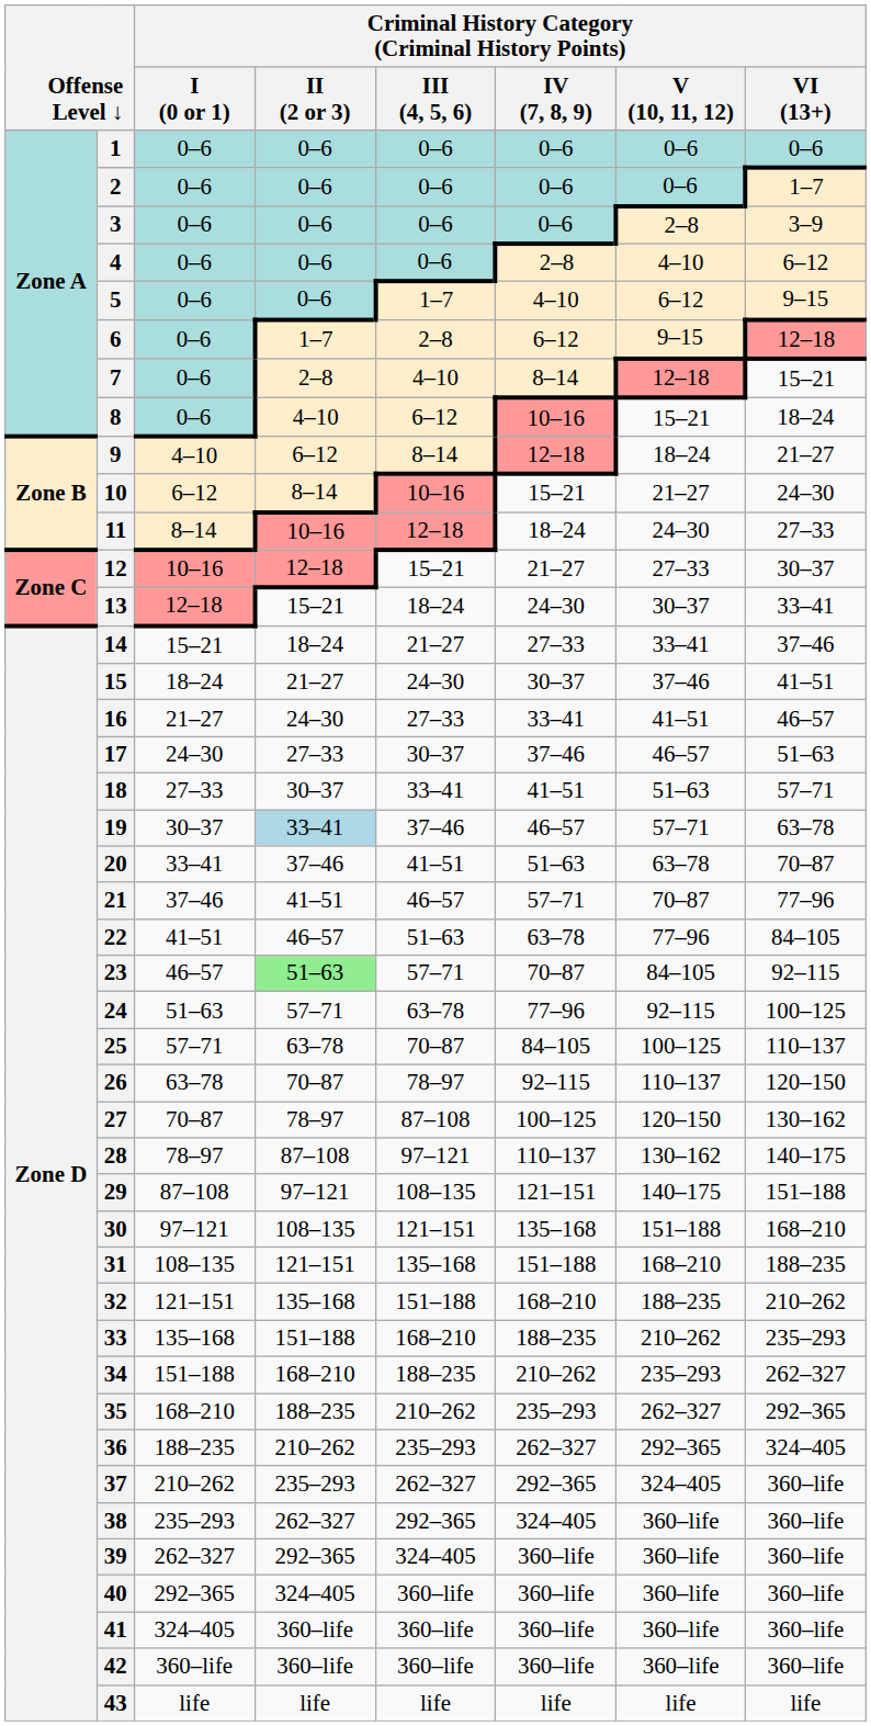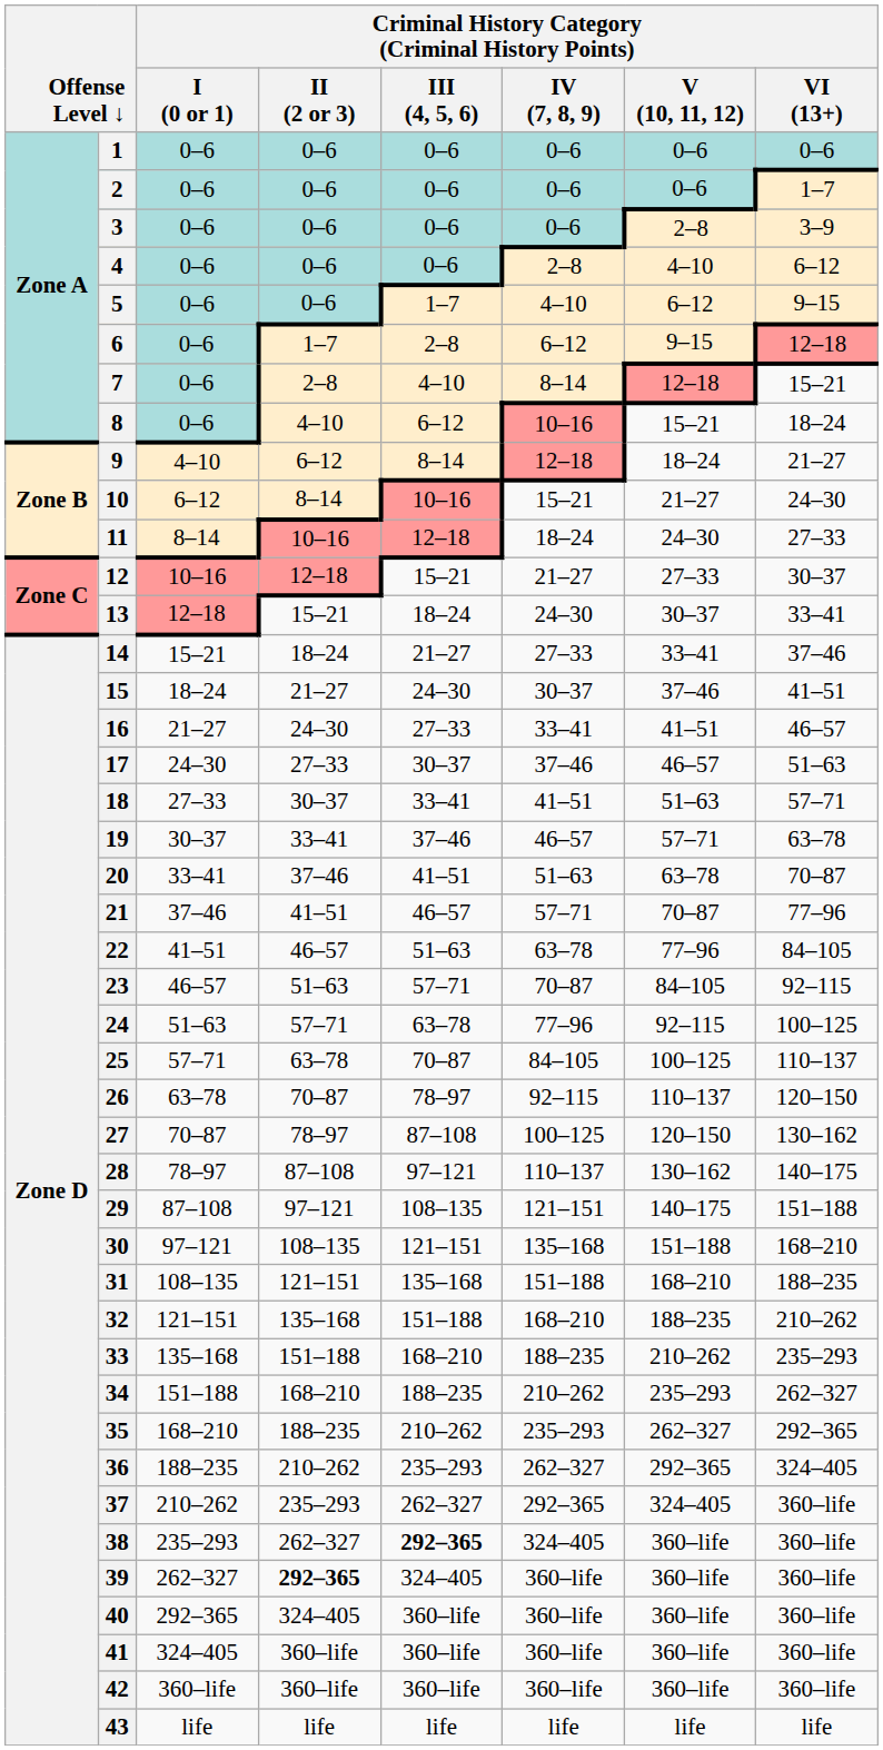 <table class="wikitable" style="text-align:center; width:600px;">
 <tr>
 <th rowspan="2" colspan="2" style="vertical-align:bottom;width:15%;text-align:right;">Offense  Level ↓ </th>
 <th colspan="6" style="text-align:center; ???: width=500px;">Criminal History Category<br>(Criminal History Points)</th>
 </tr>
 <tr>
 <th>I<br>(0 or 1)</th>
 <th>II<br>(2 or 3)</th>
 <th>III<br>(4, 5, 6)</th>
 <th>IV<br>(7, 8, 9)</th>
 <th style="width:15%;">V<br>(10, 11, 12)</th>
 <th>VI<br>(13+)</th>
 </tr>
 <tr style="background:#AADDDD;">
 <th rowspan="8" style="background:#AADDDD;">Zone A</th>
 <th>1</th>
 <td>0–6</td>
 <td>0–6</td>
 <td>0–6</td>
 <td>0–6</td>
 <td>0–6</td>
 <td>0–6</td>
 </tr>
 <tr style="background:#AADDDD;">
 <th>2</th>
 <td>0–6</td>
 <td>0–6</td>
 <td>0–6</td>
 <td>0–6</td>
 <td>0–6</td>
 <td style="background:#FEC;border-top:3px solid #000; border-left:3px solid #000;">1–7</td>
 </tr>
 <tr style="background:#AADDDD;">
 <th>3</th>
 <td>0–6</td>
 <td>0–6</td>
 <td>0–6</td>
 <td>0–6</td>
 <td style="background:#FEC;border-top:3px solid #000; border-left:3px solid #000;">2–8</td>
 <td style="background:#FEC;">3–9</td>
 </tr>
 <tr style="background:#FFEECC;">
 <th>4</th>
 <td style="background:#ADD;">0–6</td>
 <td style="background:#ADD;">0–6</td>
 <td style="background:#ADD;">0–6</td>
 <td style="border-top:3px solid #000; border-left:3px solid #000;">2–8</td>
 <td>4–10</td>
 <td>6–12</td>
 </tr>
 <tr style="background:#FFEECC;">
 <th>5</th>
 <td style="background:#ADD;">0–6</td>
 <td style="background:#ADD;">0–6</td>
 <td style="border-top:3px solid #000;border-left:3px solid #000;">1–7</td>
 <td>4–10</td>
 <td>6–12</td>
 <td>9–15</td>
 </tr>
 <tr style="background:#FFEECC;">
 <th>6</th>
 <td style="background:#ADD;">0–6</td>
 <td style="border-top:3px solid #000;border-left:3px solid #000;">1–7</td>
 <td>2–8</td>
 <td>6–12</td>
 <td>9–15</td>
 <td style="background:#F99;border-top:3px solid #000;border-left:3px solid #000;border-bottom:3px solid #000;">12–18</td>
 </tr>
 <tr>
 <th>7</th>
 <td style="background:#ADD;">0–6</td>
 <td style="background:#FEC;border-left:3px solid #000;">2–8</td>
 <td style="background:#FEC;">4–10</td>
 <td style="background:#FEC;">8–14</td>
 <td style="background:#F99;border:3px solid #000;">12–18</td>
 <td>15–21</td>
 </tr>
 <tr>
 <th>8</th>
 <td style="background:#ADD;border-bottom:3px solid #000;border-right:3px solid #000;">0–6</td>
 <td style="background:#FEC;">4–10</td>
 <td style="background:#FEC;">6–12</td>
 <td style="background:#F99;border-top:3px solid #000;border-left:3px solid #000;border-right:3px solid #000;">10–16</td>
 <td>15–21</td>
 <td>18–24</td>
 </tr>
 <tr>
 <th rowspan="3" style="background:#FFEECC;border-top:3px solid #000000;">Zone B</th>
 <th>9</th>
 <td style="background:#FEC;">4–10</td>
 <td style="background:#FEC;">6–12</td>
 <td style="background:#FEC;">8–14</td>
 <td style="background:#F99;border-left:3px solid #000;border-right:3px solid #000;border-bottom:3px solid #000;">12–18</td>
 <td>18–24</td>
 <td>21–27</td>
 </tr>
 <tr>
 <th>10</th>
 <td style="background:#FEC;">6–12</td>
 <td style="background:#FEC;">8–14</td>
 <td style="background:#F99;border-top:3px solid #000;border-left:3px solid #000;border-right:3px solid #000;">10–16</td>
 <td>15–21</td>
 <td>21–27</td>
 <td>24–30</td>
 </tr>
 <tr>
 <th>11</th>
 <td style="background:#FEC;">8–14</td>
 <td style="background:#F99;border-top:3px solid #000;border-left:3px solid #000;">10–16</td>
 <td style="background:#F99;border-bottom:3px solid #000;border-right:3px solid #000;">12–18</td>
 <td>18–24</td>
 <td>24–30</td>
 <td>27–33</td>
 </tr>
 <tr>
 <th rowspan="2" style="background:#FF9999;border-top:3px solid #000000;border-bottom:3px solid #000000;">Zone C</th>
 <th>12</th>
 <td style="background:#F99;border-top:3px solid #000;">10–16</td>
 <td style="background:#F99;border-bottom:3px solid #000;border-right:3px solid #000;">12–18</td>
 <td>15–21</td>
 <td>21–27</td>
 <td>27–33</td>
 <td>30–37</td>
 </tr>
 <tr>
 <th>13</th>
 <td style="background:#F99;border-bottom:3px solid #000;border-right:3px solid #000;">12–18</td>
 <td>15–21</td>
 <td>18–24</td>
 <td>24–30</td>
 <td>30–37</td>
 <td>33–41</td>
 </tr>
 <tr>
 <th rowspan="30">Zone D</th>
 <th>14</th>
 <td>15–21</td>
 <td>18–24</td>
 <td>21–27</td>
 <td>27–33</td>
 <td>33–41</td>
 <td>37–46</td>
 </tr>
 <tr>
 <th>15</th>
 <td>18–24</td>
 <td>21–27</td>
 <td>24–30</td>
 <td>30–37</td>
 <td>37–46</td>
 <td>41–51</td>
 </tr>
 <tr>
 <th>16</th>
 <td>21–27</td>
 <td>24–30</td>
 <td>27–33</td>
 <td>33–41</td>
 <td>41–51</td>
 <td>46–57</td>
 </tr>
 <tr>
 <th>17</th>
 <td>24–30</td>
 <td>27–33</td>
 <td>30–37</td>
 <td>37–46</td>
 <td>46–57</td>
 <td>51–63</td>
 </tr>
 <tr>
 <th>18</th>
 <td>27–33</td>
 <td>30–37</td>
 <td>33–41</td>
 <td>41–51</td>
 <td>51–63</td>
 <td>57–71</td>
 </tr>
 <tr>
 <th>19</th>
 <td>30–37</td>
-<td style="background: lightblue;">33–41</td>
+<td>33–41</td>
 <td>37–46</td>
 <td>46–57</td>
 <td>57–71</td>
 <td>63–78</td>
 </tr>
 <tr>
 <th>20</th>
 <td>33–41</td>
 <td>37–46</td>
 <td>41–51</td>
 <td>51–63</td>
 <td>63–78</td>
 <td>70–87</td>
 </tr>
 <tr>
 <th>21</th>
 <td>37–46</td>
 <td>41–51</td>
 <td>46–57</td>
 <td>57–71</td>
 <td>70–87</td>
 <td>77–96</td>
 </tr>
 <tr>
 <th>22</th>
 <td>41–51</td>
 <td>46–57</td>
 <td>51–63</td>
 <td>63–78</td>
 <td>77–96</td>
 <td>84–105</td>
 </tr>
 <tr>
 <th>23</th>
 <td>46–57</td>
-<td style="background: lightgreen;">51–63</td>
+<td>51–63</td>
 <td>57–71</td>
 <td>70–87</td>
 <td>84–105</td>
 <td>92–115</td>
 </tr>
 <tr>
 <th>24</th>
 <td>51–63</td>
 <td>57–71</td>
 <td>63–78</td>
 <td>77–96</td>
 <td>92–115</td>
 <td>100–125</td>
 </tr>
 <tr>
 <th>25</th>
 <td>57–71</td>
 <td>63–78</td>
 <td>70–87</td>
 <td>84–105</td>
 <td>100–125</td>
 <td>110–137</td>
 </tr>
 <tr>
 <th>26</th>
 <td>63–78</td>
 <td>70–87</td>
 <td>78–97</td>
 <td>92–115</td>
 <td>110–137</td>
 <td>120–150</td>
 </tr>
 <tr>
 <th>27</th>
 <td>70–87</td>
 <td>78–97</td>
 <td>87–108</td>
 <td>100–125</td>
 <td>120–150</td>
 <td>130–162</td>
 </tr>
 <tr>
 <th>28</th>
 <td>78–97</td>
 <td>87–108</td>
 <td>97–121</td>
 <td>110–137</td>
 <td>130–162</td>
 <td>140–175</td>
 </tr>
 <tr>
 <th>29</th>
 <td>87–108</td>
 <td>97–121</td>
 <td>108–135</td>
 <td>121–151</td>
 <td>140–175</td>
 <td>151–188</td>
 </tr>
 <tr>
 <th>30</th>
 <td>97–121</td>
 <td>108–135</td>
 <td>121–151</td>
 <td>135–168</td>
 <td>151–188</td>
 <td>168–210</td>
 </tr>
 <tr>
 <th>31</th>
 <td>108–135</td>
 <td>121–151</td>
 <td>135–168</td>
 <td>151–188</td>
 <td>168–210</td>
 <td>188–235</td>
 </tr>
 <tr>
 <th>32</th>
 <td>121–151</td>
 <td>135–168</td>
 <td>151–188</td>
 <td>168–210</td>
 <td>188–235</td>
 <td>210–262</td>
 </tr>
 <tr>
 <th>33</th>
 <td>135–168</td>
 <td>151–188</td>
 <td>168–210</td>
 <td>188–235</td>
 <td>210–262</td>
 <td>235–293</td>
 </tr>
 <tr>
 <th>34</th>
 <td>151–188</td>
 <td>168–210</td>
 <td>188–235</td>
 <td>210–262</td>
 <td>235–293</td>
 <td>262–327</td>
 </tr>
 <tr>
 <th>35</th>
 <td>168–210</td>
 <td>188–235</td>
 <td>210–262</td>
 <td>235–293</td>
 <td>262–327</td>
 <td>292–365</td>
 </tr>
 <tr>
 <th>36</th>
 <td>188–235</td>
 <td>210–262</td>
 <td>235–293</td>
 <td>262–327</td>
 <td>292–365</td>
 <td>324–405</td>
 </tr>
 <tr>
 <th>37</th>
 <td>210–262</td>
 <td>235–293</td>
 <td>262–327</td>
 <td>292–365</td>
 <td>324–405</td>
 <td>360–life</td>
 </tr>
 <tr>
 <th>38</th>
 <td>235–293</td>
 <td>262–327</td>
-<td>292–365</td>
+<td><strong>292–365</strong></td>
 <td>324–405</td>
 <td>360–life</td>
 <td>360–life</td>
 </tr>
 <tr>
 <th>39</th>
 <td>262–327</td>
-<td>292–365</td>
+<td><strong>292–365</strong></td>
 <td>324–405</td>
 <td>360–life</td>
 <td>360–life</td>
 <td>360–life</td>
 </tr>
 <tr>
 <th>40</th>
 <td>292–365</td>
 <td>324–405</td>
 <td>360–life</td>
 <td>360–life</td>
 <td>360–life</td>
 <td>360–life</td>
 </tr>
 <tr>
 <th>41</th>
 <td>324–405</td>
 <td>360–life</td>
 <td>360–life</td>
 <td>360–life</td>
 <td>360–life</td>
 <td>360–life</td>
 </tr>
 <tr>
 <th>42</th>
 <td>360–life</td>
 <td>360–life</td>
 <td>360–life</td>
 <td>360–life</td>
 <td>360–life</td>
 <td>360–life</td>
 </tr>
 <tr>
 <th>43</th>
 <td>life</td>
 <td>life</td>
 <td>life</td>
 <td>life</td>
 <td>life</td>
 <td>life</td>
 </tr>
 </table>
